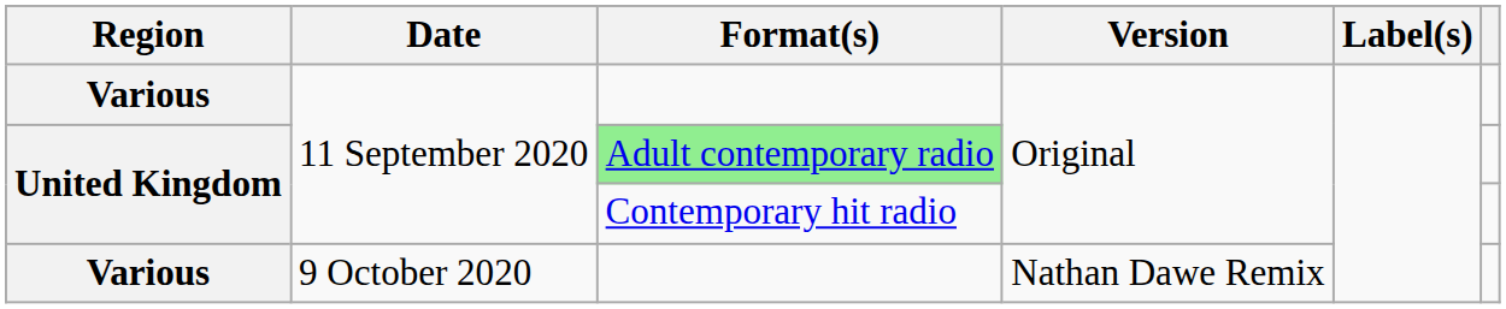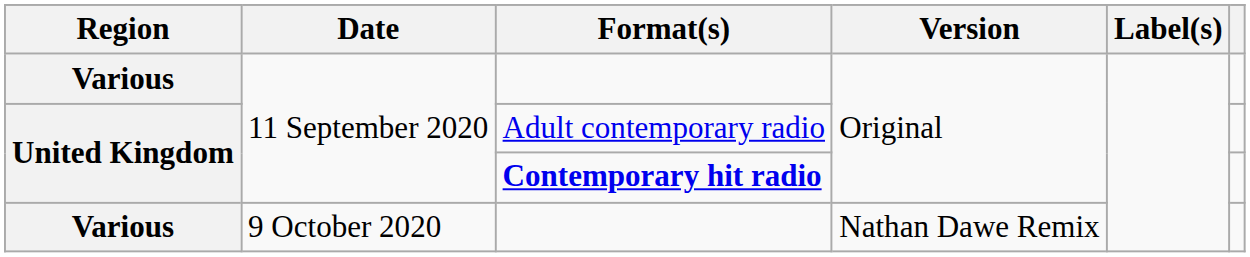 <table class="wikitable plainrowheaders">
 <tr>
 <th scope="col">Region</th>
 <th scope="col">Date</th>
 <th scope="col">Format(s)</th>
 <th scope="col">Version</th>
 <th scope="col">Label(s)</th>
 <th scope="col"></th>
 </tr>
 <tr>
 <th scope="row">Various</th>
 <td rowspan="3">11 September 2020</td>
 <td></td>
 <td rowspan="3">Original</td>
 <td rowspan="4"></td>
 <td style="text-align:center;"></td>
 </tr>
 <tr>
 <th rowspan="2" scope="row">United Kingdom</th>
-<td style="background: lightgreen;"><a href='#'>Adult contemporary radio</a></td>
+<td><a href='#'>Adult contemporary radio</a></td>
 <td style="text-align:center;"></td>
 </tr>
 <tr>
-<td><a href='#'>Contemporary hit radio</a></td>
+<td><strong><a href='#'>Contemporary hit radio</a></strong></td>
 <td style="text-align:center;"></td>
 </tr>
 <tr>
 <th scope="row">Various</th>
 <td>9 October 2020</td>
 <td></td>
 <td>Nathan Dawe Remix</td>
 <td style="text-align:center;"></td>
 </tr>
 </table>
